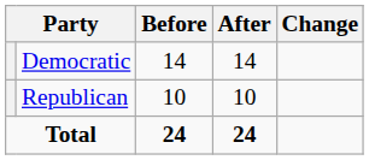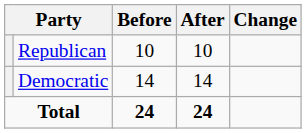 <table class="wikitable" style="text-align:center;">
 <tr>
 <th colspan="2">Party</th>
 <th>Before</th>
 <th>After</th>
 <th>Change</th>
 </tr>
 <tr>
 <th style="background-color:"></th>
-<td style="text-align:left;"><a href='#'>Democratic</a></td>
-<td>14</td>
-<td>14</td>
+<td style="text-align:left;"><a href='#'>Republican</a></td>
+<td>10</td>
+<td>10</td>
 <td></td>
 </tr>
 <tr>
 <th style="background-color:"></th>
-<td style="text-align:left;"><a href='#'>Republican</a></td>
-<td>10</td>
-<td>10</td>
+<td style="text-align:left;"><a href='#'>Democratic</a></td>
+<td>14</td>
+<td>14</td>
 <td></td>
 </tr>
 <tr>
 <td colspan="2"><strong>Total</strong></td>
 <td><strong>24</strong></td>
 <td><strong>24</strong></td>
 <td></td>
 </tr>
 </table>
